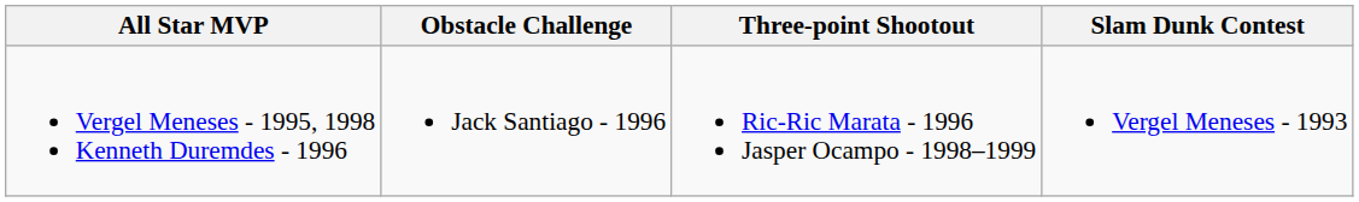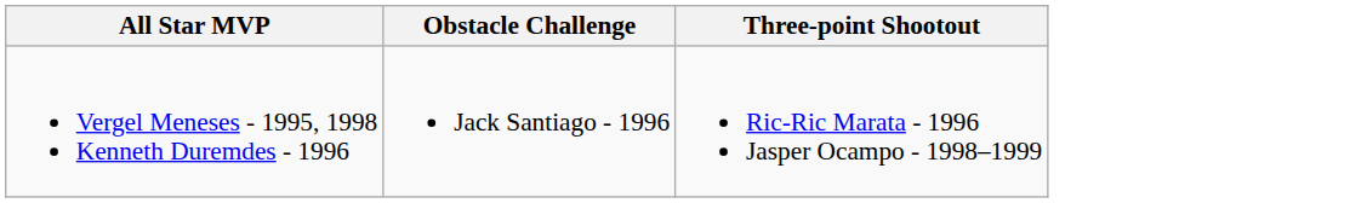 <table class=wikitable>
 <tr>
 <th>All Star MVP</th>
 <th>Obstacle Challenge</th>
 <th>Three-point Shootout</th>
-<th>Slam Dunk Contest</th>
 </tr>
 <tr>
 <td valign="top"><br><ul><li><a href='#'>Vergel Meneses</a> - 1995, 1998</li><li><a href='#'>Kenneth Duremdes</a> - 1996</li></ul></td>
 <td valign="top"><br><ul><li>Jack Santiago - 1996</li></ul></td>
 <td valign="top"><br><ul><li><a href='#'>Ric-Ric Marata</a> - 1996</li><li>Jasper Ocampo - 1998–1999</li></ul></td>
-<td valign="top"><br><ul><li><a href='#'>Vergel Meneses</a> - 1993</li></ul></td>
 </tr>
 </table>
